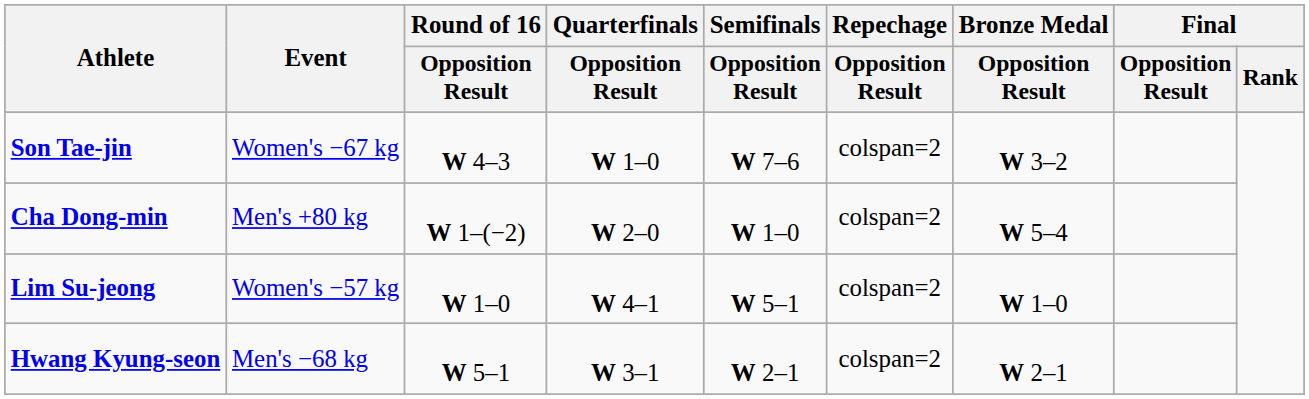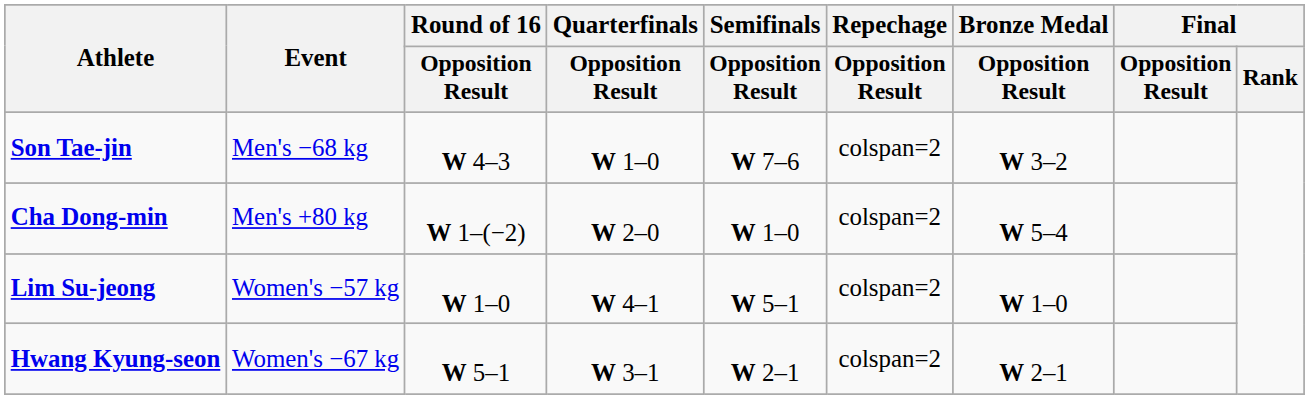 <table class="wikitable" style="font-size:90%">
 <tr>
 <th rowspan="2">Athlete</th>
 <th rowspan="2">Event</th>
 <th>Round of 16</th>
 <th>Quarterfinals</th>
 <th>Semifinals</th>
 <th>Repechage</th>
 <th>Bronze Medal</th>
 <th colspan=2>Final</th>
 </tr>
 <tr style="font-size:95%">
 <th>Opposition<br>Result</th>
 <th>Opposition<br>Result</th>
 <th>Opposition<br>Result</th>
 <th>Opposition<br>Result</th>
 <th>Opposition<br>Result</th>
 <th>Opposition<br>Result</th>
 <th>Rank</th>
 </tr>
 <tr align=center>
 <td align=left><strong><a href='#'>Son Tae-jin</a></strong></td>
-<td align=left><a href='#'>Women's −67 kg</a></td>
+<td align=left><a href='#'>Men's −68 kg</a></td>
 <td><br><strong>W</strong> 4–3</td>
 <td><br><strong>W</strong> 1–0</td>
 <td><br><strong>W</strong> 7–6</td>
 <td>colspan=2 </td>
 <td><br><strong>W</strong> 3–2</td>
 <td></td>
 </tr>
 <tr align=center>
 <td align=left><strong><a href='#'>Cha Dong-min</a></strong></td>
 <td align=left><a href='#'>Men's +80 kg</a></td>
 <td><br><strong>W</strong> 1–(−2)</td>
 <td><br><strong>W</strong> 2–0</td>
 <td><br><strong>W</strong> 1–0</td>
 <td>colspan=2 </td>
 <td><br><strong>W</strong> 5–4</td>
 <td></td>
 </tr>
 <tr align=center>
 <td align=left><strong><a href='#'>Lim Su-jeong</a></strong></td>
 <td align=left><a href='#'>Women's −57 kg</a></td>
 <td><br><strong>W</strong> 1–0</td>
 <td><br><strong>W</strong> 4–1</td>
 <td><br><strong>W</strong> 5–1</td>
 <td>colspan=2 </td>
 <td><br><strong>W</strong> 1–0</td>
 <td></td>
 </tr>
 <tr align=center>
 <td align=left><strong><a href='#'>Hwang Kyung-seon</a></strong></td>
-<td align=left><a href='#'>Men's −68 kg</a></td>
+<td align=left><a href='#'>Women's −67 kg</a></td>
 <td><br><strong>W</strong> 5–1</td>
 <td><br><strong>W</strong> 3–1</td>
 <td><br><strong>W</strong> 2–1</td>
 <td>colspan=2 </td>
 <td><br><strong>W</strong> 2–1</td>
 <td></td>
 </tr>
 </table>
